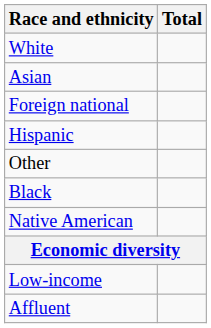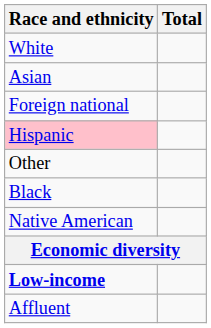 <table class="wikitable floatright sortable collapsible"; text-align:right; font-size:80%;">
 <tr>
 <th>Race and ethnicity</th>
 <th colspan="2" data-sort-type=number>Total</th>
 </tr>
 <tr>
 <td><a href='#'>White</a></td>
 <td align=right></td>
 </tr>
 <tr>
 <td><a href='#'>Asian</a></td>
 <td align=right></td>
 </tr>
 <tr>
 <td><a href='#'>Foreign national</a></td>
 <td align=right></td>
 </tr>
 <tr>
-<td><a href='#'>Hispanic</a></td>
+<td style="background: pink;"><a href='#'>Hispanic</a></td>
 <td align=right></td>
 </tr>
 <tr>
 <td>Other</td>
 <td align=right></td>
 </tr>
 <tr>
 <td><a href='#'>Black</a></td>
 <td align=right></td>
 </tr>
 <tr>
 <td><a href='#'>Native American</a></td>
 <td align=right></td>
 </tr>
 <tr>
 <th colspan="4" data-sort-type=number><a href='#'>Economic diversity</a></th>
 </tr>
 <tr>
-<td><a href='#'>Low-income</a></td>
+<td><strong><a href='#'>Low-income</a></strong></td>
 <td align=right></td>
 </tr>
 <tr>
 <td><a href='#'>Affluent</a></td>
 <td align=right></td>
 </tr>
 </table>
